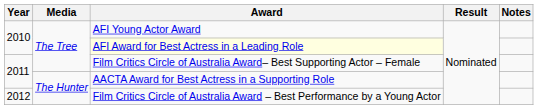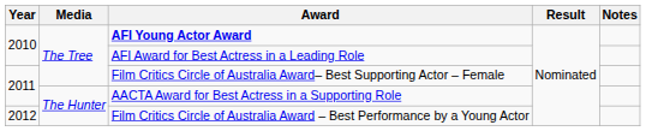 <table class="wikitable">
 <tr>
 <th>Year</th>
 <th>Media</th>
 <th>Award</th>
 <th>Result</th>
 <th>Notes</th>
 </tr>
 <tr>
 <td rowspan="2">2010</td>
 <td rowspan="3"><em><a href='#'>The Tree</a></em></td>
-<td><a href='#'>AFI Young Actor Award</a></td>
+<td><strong><a href='#'>AFI Young Actor Award</a></strong></td>
 <td rowspan="5">Nominated</td>
 <td></td>
 </tr>
 <tr>
-<td style="background: lightyellow;"><a href='#'>AFI Award for Best Actress in a Leading Role</a></td>
+<td><a href='#'>AFI Award for Best Actress in a Leading Role</a></td>
 <td></td>
 </tr>
 <tr>
 <td rowspan="2">2011</td>
 <td><a href='#'>Film Critics Circle of Australia Award</a>– Best Supporting Actor – Female</td>
 <td></td>
 </tr>
 <tr>
 <td rowspan="2"><em><a href='#'>The Hunter</a></em></td>
 <td><a href='#'>AACTA Award for Best Actress in a Supporting Role</a></td>
 <td></td>
 </tr>
 <tr>
 <td>2012</td>
 <td><a href='#'>Film Critics Circle of Australia Award</a> – Best Performance by a Young Actor</td>
 <td></td>
 </tr>
 </table>
